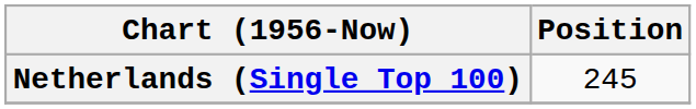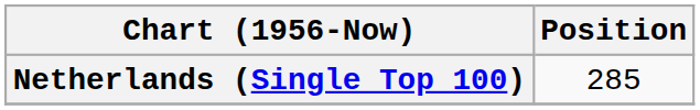 <table class="wikitable sortable plainrowheaders" style="text-align:center">
 <tr>
 <th>Chart (1956-Now)</th>
 <th>Position</th>
 </tr>
 <tr>
 <th scope="row">Netherlands (<a href='#'>Single Top 100</a>) </th>
-<td>245</td>
+<td>285</td>
 </tr>
 <tr>
 </tr>
 </table>
